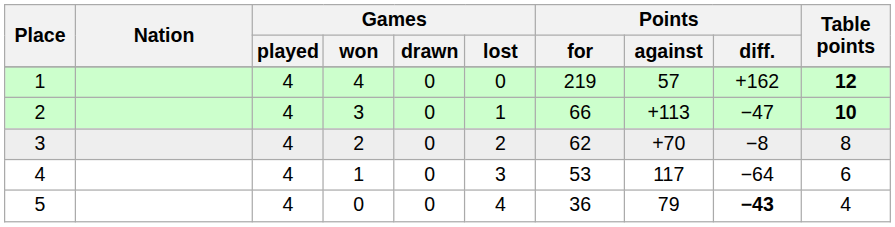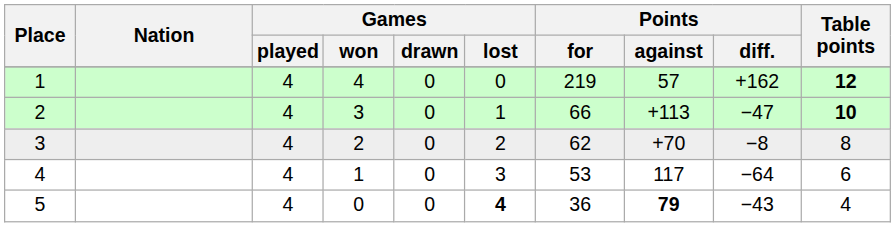 <table class="wikitable">
 <tr>
 <th rowspan=2 width="8%">Place</th>
 <th rowspan=2 width="20%">Nation</th>
 <th colspan=4 width="32%">Games</th>
 <th colspan=3 width="30%">Points</th>
 <th rowspan=2 width="10%">Table<br>points</th>
 </tr>
 <tr>
 <th width="8%">played</th>
 <th width="8%">won</th>
 <th width="8%">drawn</th>
 <th width="8%">lost</th>
 <th width="10%">for</th>
 <th width="10%">against</th>
 <th width="10%">diff.</th>
 </tr>
 <tr>
 </tr>
 <tr bgcolor=#ccffcc align=center>
 <td>1</td>
 <td align=left><strong></strong></td>
 <td>4</td>
 <td>4</td>
 <td>0</td>
 <td>0</td>
 <td>219</td>
 <td>57</td>
 <td>+162</td>
 <td><strong>12</strong></td>
 </tr>
 <tr bgcolor=#ccffcc align=center>
 <td>2</td>
 <td align=left></td>
 <td>4</td>
 <td>3</td>
 <td>0</td>
 <td>1</td>
 <td>66</td>
 <td>+113</td>
 <td>−47</td>
 <td><strong>10</strong></td>
 </tr>
 <tr bgcolor=#eeeeee align=center>
 <td>3</td>
 <td align=left><em></em></td>
 <td>4</td>
 <td>2</td>
 <td>0</td>
 <td>2</td>
 <td>62</td>
 <td>+70</td>
 <td>−8</td>
 <td>8</td>
 </tr>
 <tr bgcolor=#ffffff align=center>
 <td>4</td>
 <td align=left></td>
 <td>4</td>
 <td>1</td>
 <td>0</td>
 <td>3</td>
 <td>53</td>
 <td>117</td>
 <td>−64</td>
 <td>6</td>
 </tr>
 <tr bgcolor=#ffffff align=center>
 <td>5</td>
 <td align=left><em></em></td>
 <td>4</td>
 <td>0</td>
 <td>0</td>
-<td>4</td>
+<td><strong>4</strong></td>
 <td>36</td>
-<td>79</td>
-<td><strong>−43</strong></td>
+<td><strong>79</strong></td>
+<td>−43</td>
 <td>4</td>
 </tr>
 </table>
